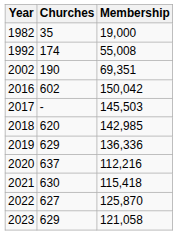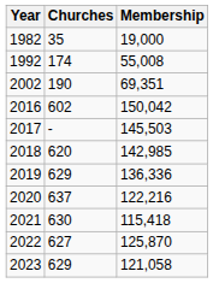 <table class="wikitable" style="margin:auto auto auto auto; front-size:95%; float:right;">
 <tr>
 <th>Year</th>
 <th>Churches</th>
 <th>Membership</th>
 </tr>
 <tr>
 <td>1982</td>
 <td>35</td>
 <td>19,000</td>
 </tr>
 <tr>
 <td>1992</td>
 <td>174</td>
 <td>55,008</td>
 </tr>
 <tr>
 <td>2002</td>
 <td>190</td>
 <td>69,351</td>
 </tr>
 <tr>
 <td>2016</td>
 <td>602</td>
 <td>150,042</td>
 </tr>
 <tr>
 <td>2017</td>
 <td>-</td>
 <td>145,503</td>
 </tr>
 <tr>
 <td>2018</td>
 <td>620</td>
 <td>142,985</td>
 </tr>
 <tr>
 <td>2019</td>
 <td>629</td>
 <td>136,336</td>
 </tr>
 <tr>
 <td>2020</td>
 <td>637</td>
-<td>112,216</td>
+<td>122,216</td>
 </tr>
 <tr>
 <td>2021</td>
 <td>630</td>
 <td>115,418</td>
 </tr>
 <tr>
 <td>2022</td>
 <td>627</td>
 <td>125,870</td>
 </tr>
 <tr>
 <td>2023</td>
 <td>629</td>
 <td>121,058</td>
 </tr>
 </table>
